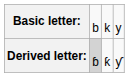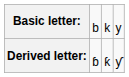 <table class="wikitable" style="line-height: 1.2">
 <tr align=center>
 <th>Basic letter:</th>
 <td> <br>b</td>
 <td> <br>k</td>
 <td> <br>y</td>
 </tr>
 <tr align=center>
 <th>Derived letter:</th>
-<td style="background: lightgrey;"> <br>ɓ</td>
+<td> <br>ɓ</td>
 <td> <br>ƙ</td>
 <td> <br>ƴ</td>
 </tr>
 </table>
